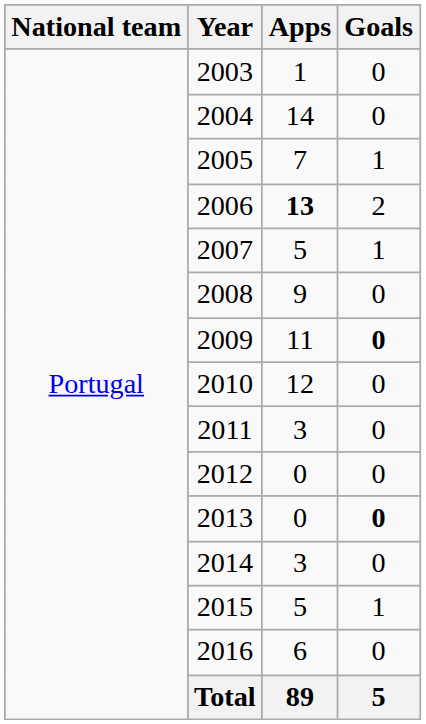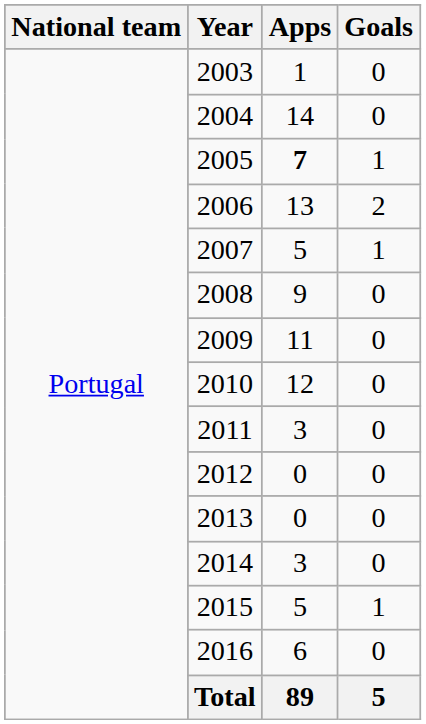 <table class="wikitable" style="text-align: center">
 <tr>
 <th>National team</th>
 <th>Year</th>
 <th>Apps</th>
 <th>Goals</th>
 </tr>
 <tr>
 <td rowspan="15" valign="center"><a href='#'>Portugal</a></td>
 <td>2003</td>
 <td>1</td>
 <td>0</td>
 </tr>
 <tr>
 <td>2004</td>
 <td>14</td>
 <td>0</td>
 </tr>
 <tr>
 <td>2005</td>
-<td>7</td>
+<td><strong>7</strong></td>
 <td>1</td>
 </tr>
 <tr>
 <td>2006</td>
-<td><strong>13</strong></td>
+<td>13</td>
 <td>2</td>
 </tr>
 <tr>
 <td>2007</td>
 <td>5</td>
 <td>1</td>
 </tr>
 <tr>
 <td>2008</td>
 <td>9</td>
 <td>0</td>
 </tr>
 <tr>
 <td>2009</td>
 <td>11</td>
-<td><strong>0</strong></td>
+<td>0</td>
 </tr>
 <tr>
 <td>2010</td>
 <td>12</td>
 <td>0</td>
 </tr>
 <tr>
 <td>2011</td>
 <td>3</td>
 <td>0</td>
 </tr>
 <tr>
 <td>2012</td>
 <td>0</td>
 <td>0</td>
 </tr>
 <tr>
 <td>2013</td>
 <td>0</td>
-<td><strong>0</strong></td>
+<td>0</td>
 </tr>
 <tr>
 <td>2014</td>
 <td>3</td>
 <td>0</td>
 </tr>
 <tr>
 <td>2015</td>
 <td>5</td>
 <td>1</td>
 </tr>
 <tr>
 <td>2016</td>
 <td>6</td>
 <td>0</td>
 </tr>
 <tr>
 <th>Total</th>
 <th>89</th>
 <th>5</th>
 </tr>
 </table>
